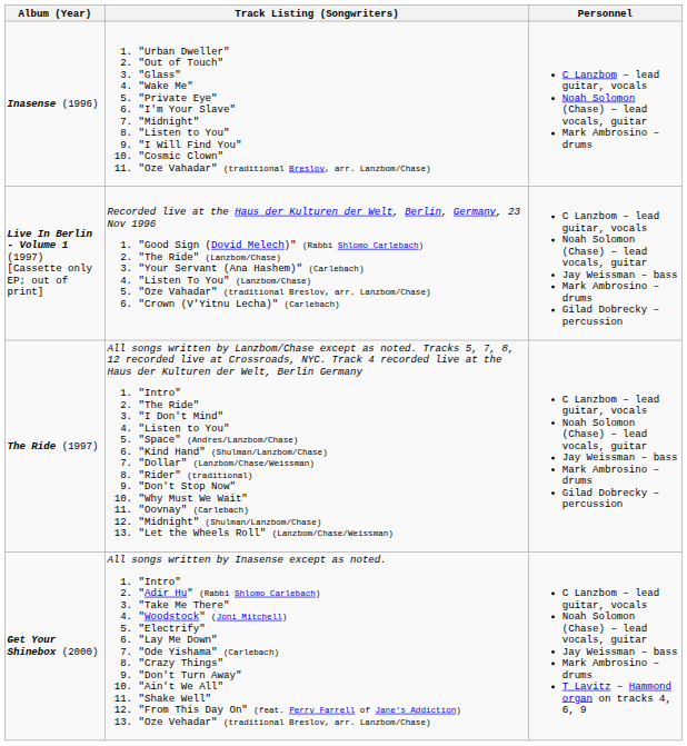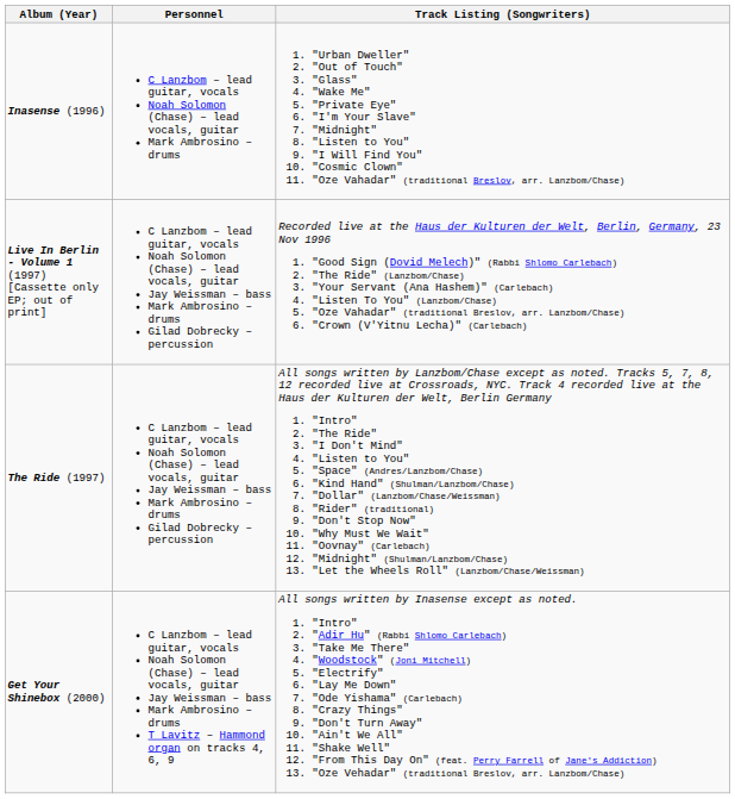 <table class="wikitable" border="1">
 <tr>
 <th>Album (Year)</th>
+<th>Personnel</th>
 <th>Track Listing (Songwriters)</th>
-<th>Personnel</th>
 </tr>
 <tr>
 <td><strong><em>Inasense</em></strong> (1996)</td>
+<td><br><ul><li><a href='#'>C Lanzbom</a> – lead guitar, vocals</li><li><a href='#'>Noah Solomon</a> (Chase) – lead vocals, guitar</li><li>Mark Ambrosino – drums</li></ul></td>
 <td><br><ol><li>"Urban Dweller"</li><li>"Out of Touch"</li><li>"Glass"</li><li>"Wake Me"</li><li>"Private Eye"</li><li>"I'm Your Slave"</li><li>"Midnight"</li><li>"Listen to You"</li><li>"I Will Find You"</li><li>"Cosmic Clown"</li><li>"Oze Vahadar" <small>(traditional <a href='#'>Breslov</a>, arr. Lanzbom/Chase)</small></li></ol></td>
-<td><br><ul><li><a href='#'>C Lanzbom</a> – lead guitar, vocals</li><li><a href='#'>Noah Solomon</a> (Chase) – lead vocals, guitar</li><li>Mark Ambrosino – drums</li></ul></td>
 </tr>
 <tr>
 <td><strong><em>Live In Berlin - Volume 1</em></strong> (1997)<br>[Cassette only EP; out of print]</td>
+<td><br><ul><li>C Lanzbom – lead guitar, vocals</li><li>Noah Solomon (Chase) – lead vocals, guitar</li><li>Jay Weissman – bass</li><li>Mark Ambrosino – drums</li><li>Gilad Dobrecky – percussion</li></ul></td>
 <td><em>Recorded live at the <a href='#'>Haus der Kulturen der Welt</a>, <a href='#'>Berlin</a>, <a href='#'>Germany</a>, 23 Nov 1996</em><br><ol><li>"Good Sign (<a href='#'>Dovid Melech</a>)" <small>(Rabbi <a href='#'>Shlomo Carlebach</a>)</small></li><li>"The Ride" <small>(Lanzbom/Chase)</small></li><li>"Your Servant (Ana Hashem)" <small>(Carlebach)</small></li><li>"Listen To You"  <small>(Lanzbom/Chase)</small></li><li>"Oze Vahadar" <small>(traditional Breslov, arr. Lanzbom/Chase)</small></li><li>"Crown (V'Yitnu Lecha)" <small>(Carlebach)</small></li></ol></td>
-<td><br><ul><li>C Lanzbom – lead guitar, vocals</li><li>Noah Solomon (Chase) – lead vocals, guitar</li><li>Jay Weissman – bass</li><li>Mark Ambrosino – drums</li><li>Gilad Dobrecky – percussion</li></ul></td>
 </tr>
 <tr>
 <td><strong><em>The Ride</em></strong> (1997)</td>
+<td><br><ul><li>C Lanzbom – lead guitar, vocals</li><li>Noah Solomon (Chase) – lead vocals, guitar</li><li>Jay Weissman – bass</li><li>Mark Ambrosino – drums</li><li>Gilad Dobrecky – percussion</li></ul></td>
 <td><em>All songs written by Lanzbom/Chase except as noted. Tracks 5, 7, 8, 12 recorded live at Crossroads, NYC. Track 4 recorded live at the Haus der Kulturen der Welt, Berlin Germany</em><br><ol><li>"Intro"</li><li>"The Ride"</li><li>"I Don't Mind"</li><li>"Listen to You"</li><li>"Space" <small>(Andres/Lanzbom/Chase)</small></li><li>"Kind Hand" <small>(Shulman/Lanzbom/Chase)</small></li><li>"Dollar" <small>(Lanzbom/Chase/Weissman)</small></li><li>"Rider"  <small>(traditional)</small></li><li>"Don't Stop Now"</li><li>"Why Must We Wait"</li><li>"Oovnay" <small>(Carlebach)</small></li><li>"Midnight" <small>(Shulman/Lanzbom/Chase)</small></li><li>"Let the Wheels Roll" <small>(Lanzbom/Chase/Weissman)</small></li></ol></td>
-<td><br><ul><li>C Lanzbom – lead guitar, vocals</li><li>Noah Solomon (Chase) – lead vocals, guitar</li><li>Jay Weissman – bass</li><li>Mark Ambrosino – drums</li><li>Gilad Dobrecky – percussion</li></ul></td>
 </tr>
 <tr>
 <td><strong><em>Get Your Shinebox</em></strong> (2000)</td>
+<td><br><ul><li>C Lanzbom – lead guitar, vocals</li><li>Noah Solomon (Chase) – lead vocals, guitar</li><li>Jay Weissman – bass</li><li>Mark Ambrosino – drums</li><li><a href='#'>T Lavitz</a> – <a href='#'>Hammond organ</a> on tracks 4, 6, 9</li></ul></td>
 <td><em>All songs written by Inasense except as noted.</em><br><ol><li>"Intro"</li><li>"<a href='#'>Adir Hu</a>" <small>(Rabbi <a href='#'>Shlomo Carlebach</a>)</small></li><li>"Take Me There"</li><li>"<a href='#'>Woodstock</a>" <small>(<a href='#'>Joni Mitchell</a>)</small></li><li>"Electrify"</li><li>"Lay Me Down"</li><li>"Ode Yishama" <small>(Carlebach)</small></li><li>"Crazy Things"</li><li>"Don't Turn Away"</li><li>"Ain't We All"</li><li>"Shake Well"</li><li>"From This Day On" <small>(feat. <a href='#'>Perry Farrell</a> of <a href='#'>Jane's Addiction</a>)</small></li><li>"Oze Vehadar" <small>(traditional Breslov, arr. Lanzbom/Chase)</small></li></ol></td>
-<td><br><ul><li>C Lanzbom – lead guitar, vocals</li><li>Noah Solomon (Chase) – lead vocals, guitar</li><li>Jay Weissman – bass</li><li>Mark Ambrosino – drums</li><li><a href='#'>T Lavitz</a> – <a href='#'>Hammond organ</a> on tracks 4, 6, 9</li></ul></td>
 </tr>
 </table>
